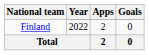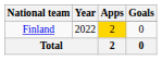 <table class="wikitable" style="text-align:center">
 <tr>
 <th>National team</th>
 <th>Year</th>
 <th>Apps</th>
 <th>Goals</th>
 </tr>
 <tr>
 <td rowspan="2"><a href='#'>Finland</a></td>
 </tr>
 <tr>
 <td>2022</td>
-<td>2</td>
+<td style="background: gold;">2</td>
 <td>0</td>
 </tr>
 <tr>
 <th colspan="2">Total</th>
 <th>2</th>
 <th>0</th>
 </tr>
 </table>
